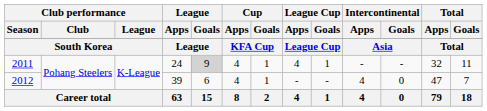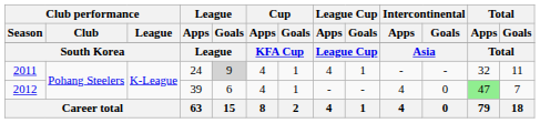 <table class="wikitable" style="text-align:center">
 <tr>
 <th colspan=3>Club performance</th>
 <th colspan=2>League</th>
 <th colspan=2>Cup</th>
 <th colspan=2>League Cup</th>
 <th colspan=2>Intercontinental</th>
 <th colspan=2>Total</th>
 </tr>
 <tr>
 <th>Season</th>
 <th>Club</th>
 <th>League</th>
 <th>Apps</th>
 <th>Goals</th>
 <th>Apps</th>
 <th>Goals</th>
 <th>Apps</th>
 <th>Goals</th>
 <th>Apps</th>
 <th>Goals</th>
 <th>Apps</th>
 <th>Goals</th>
 </tr>
 <tr>
 </tr>
 <tr>
 <th colspan=3>South Korea</th>
 <th colspan=2>League</th>
 <th colspan=2><a href='#'>KFA Cup</a></th>
 <th colspan=2><a href='#'>League Cup</a></th>
 <th colspan=2><a href='#'>Asia</a></th>
 <th colspan=2>Total</th>
 </tr>
 <tr>
 <td><a href='#'>2011</a></td>
 <td rowspan="2"><a href='#'>Pohang Steelers</a></td>
 <td rowspan="2"><a href='#'>K-League</a></td>
 <td>24</td>
 <td style="background: lightgrey;">9</td>
 <td>4</td>
 <td>1</td>
 <td>4</td>
 <td>1</td>
 <td>-</td>
 <td>-</td>
 <td>32</td>
 <td>11</td>
 </tr>
 <tr>
 <td><a href='#'>2012</a></td>
 <td>39</td>
 <td>6</td>
 <td>4</td>
 <td>1</td>
 <td>-</td>
 <td>-</td>
 <td>4</td>
 <td>0</td>
-<td>47</td>
+<td style="background: lightgreen;">47</td>
 <td>7</td>
 </tr>
 <tr>
 <th colspan=3>Career total</th>
 <th>63</th>
 <th>15</th>
 <th>8</th>
 <th>2</th>
 <th>4</th>
 <th>1</th>
 <th>4</th>
 <th>0</th>
 <th>79</th>
 <th>18</th>
 </tr>
 </table>
